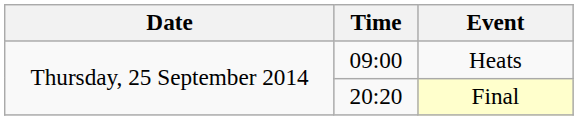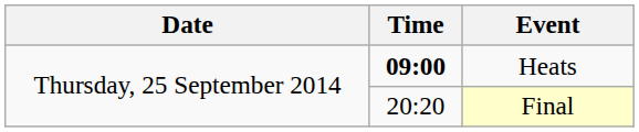 <table class = "wikitable" style="text-align:center;">
 <tr>
 <th width=220>Date</th>
 <th width=50>Time</th>
 <th width=100>Event</th>
 </tr>
 <tr>
 <td rowspan=2>Thursday, 25 September 2014</td>
-<td>09:00</td>
+<td><strong>09:00</strong></td>
 <td>Heats</td>
 </tr>
 <tr>
 <td>20:20</td>
 <td bgcolor=ffffcc>Final</td>
 </tr>
 </table>
